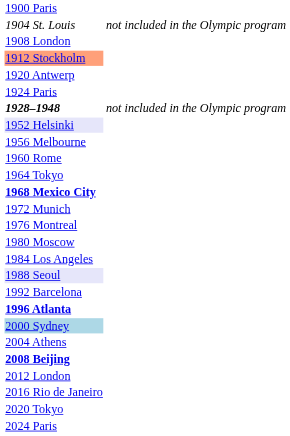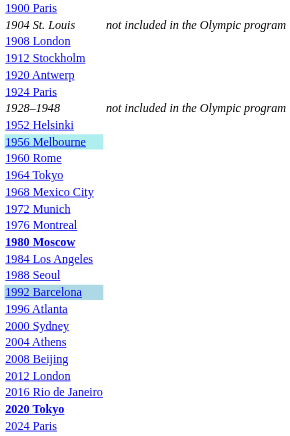 <table>
 <tr>
 <td><a href='#'>1900 Paris</a><br></td>
 <td></td>
 <td></td>
 <td></td>
 </tr>
 <tr>
 <td><em>1904 St. Louis</em></td>
 <td colspan=3 align=center><em>not included in the Olympic program</em></td>
 </tr>
 <tr valign="top">
 <td rowspan="2"><a href='#'>1908 London</a><br></td>
 <td rowspan="2"></td>
 <td rowspan="2"></td>
 <td></td>
 </tr>
 <tr>
 <td></td>
 </tr>
 <tr>
-<td style="background: lightsalmon;"><a href='#'>1912 Stockholm</a><br></td>
+<td><a href='#'>1912 Stockholm</a><br></td>
 <td></td>
 <td></td>
 <td></td>
 </tr>
 <tr>
 <td><a href='#'>1920 Antwerp</a><br></td>
 <td></td>
 <td></td>
 <td></td>
 </tr>
 <tr>
 <td><a href='#'>1924 Paris</a><br></td>
 <td></td>
 <td></td>
 <td></td>
 </tr>
 <tr>
-<td><strong><em>1928–1948</em></strong></td>
+<td><em>1928–1948</em></td>
 <td colspan=3 align=center><em>not included in the Olympic program</em></td>
 </tr>
 <tr>
-<td style="background: lavender;"><a href='#'>1952 Helsinki</a><br></td>
+<td><a href='#'>1952 Helsinki</a><br></td>
 <td></td>
 <td></td>
 <td></td>
 </tr>
 <tr>
-<td><a href='#'>1956 Melbourne</a><br></td>
+<td style="background: paleturquoise;"><a href='#'>1956 Melbourne</a><br></td>
 <td></td>
 <td></td>
 <td></td>
 </tr>
 <tr>
 <td><a href='#'>1960 Rome</a><br></td>
 <td></td>
 <td></td>
 <td></td>
 </tr>
 <tr>
 <td><a href='#'>1964 Tokyo</a><br></td>
 <td></td>
 <td></td>
 <td></td>
 </tr>
 <tr>
-<td><strong><a href='#'>1968 Mexico City</a><br></strong></td>
+<td><a href='#'>1968 Mexico City</a><br></td>
 <td></td>
 <td></td>
 <td></td>
 </tr>
 <tr>
 <td><a href='#'>1972 Munich</a><br></td>
 <td></td>
 <td></td>
 <td></td>
 </tr>
 <tr>
 <td><a href='#'>1976 Montreal</a><br></td>
 <td></td>
 <td></td>
 <td></td>
 </tr>
 <tr>
-<td><a href='#'>1980 Moscow</a><br></td>
+<td><strong><a href='#'>1980 Moscow</a><br></strong></td>
 <td></td>
 <td></td>
 <td></td>
 </tr>
 <tr>
 <td><a href='#'>1984 Los Angeles</a><br></td>
 <td></td>
 <td></td>
 <td></td>
 </tr>
 <tr>
-<td style="background: lavender;"><a href='#'>1988 Seoul</a><br></td>
+<td><a href='#'>1988 Seoul</a><br></td>
 <td></td>
 <td></td>
 <td></td>
 </tr>
 <tr>
-<td><a href='#'>1992 Barcelona</a><br></td>
+<td style="background: lightblue;"><a href='#'>1992 Barcelona</a><br></td>
 <td></td>
 <td></td>
 <td></td>
 </tr>
 <tr>
-<td><strong><a href='#'>1996 Atlanta</a><br></strong></td>
+<td><a href='#'>1996 Atlanta</a><br></td>
 <td></td>
 <td></td>
 <td></td>
 </tr>
 <tr>
-<td style="background: lightblue;"><a href='#'>2000 Sydney</a><br></td>
+<td><a href='#'>2000 Sydney</a><br></td>
 <td></td>
 <td></td>
 <td></td>
 </tr>
 <tr>
 <td><a href='#'>2004 Athens</a><br></td>
 <td></td>
 <td></td>
 <td></td>
 </tr>
 <tr>
-<td><strong><a href='#'>2008 Beijing</a><br></strong></td>
+<td><a href='#'>2008 Beijing</a><br></td>
 <td></td>
 <td></td>
 <td></td>
 </tr>
 <tr>
 <td><a href='#'>2012 London</a><br></td>
 <td></td>
 <td></td>
 <td></td>
 </tr>
 <tr>
 <td><a href='#'>2016 Rio de Janeiro</a><br></td>
 <td></td>
 <td></td>
 <td></td>
 </tr>
 <tr>
-<td><a href='#'>2020 Tokyo</a><br></td>
+<td><strong><a href='#'>2020 Tokyo</a><br></strong></td>
 <td></td>
 <td></td>
 <td></td>
 </tr>
 <tr>
 <td><a href='#'>2024 Paris</a><br></td>
 <td></td>
 <td></td>
 <td></td>
 </tr>
 <tr>
 </tr>
 </table>
